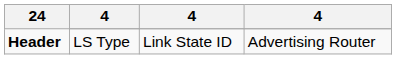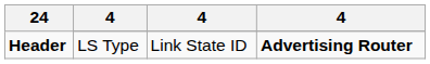 <table class="wikitable  floatright mw-collapsible mw-collapsed" style="width: 400px;">
 <tr>
 <th>24</th>
 <th>4</th>
 <th>4</th>
 <th>4</th>
 </tr>
 <tr>
 <td rowspan="2" colspan="1"><strong>Header</strong></td>
 </tr>
 <tr>
 <td>LS Type</td>
 <td>Link State ID</td>
-<td>Advertising Router</td>
+<td><strong>Advertising Router</strong></td>
 </tr>
 </table>
